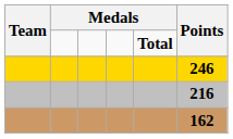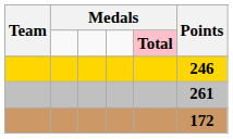 <table class="wikitable" style="text-align:center;">
 <tr>
 <th rowspan=2>Team</th>
 <th colspan=4>Medals</th>
 <th rowspan=2>Points</th>
 </tr>
 <tr>
 <td width=20px></td>
 <td width=20px></td>
 <td width=20px></td>
-<td><strong>Total</strong></td>
+<td style="background: pink;"><strong>Total</strong></td>
 </tr>
 <tr bgcolor=gold>
 <td align=left></td>
 <td></td>
 <td></td>
 <td></td>
 <td></td>
 <td><strong>246</strong></td>
 </tr>
 <tr bgcolor=silver>
 <td align=left></td>
 <td></td>
 <td></td>
 <td></td>
 <td></td>
-<td><strong>216</strong></td>
+<td><strong>261</strong></td>
 </tr>
 <tr bgcolor="CC9966">
 <td align=left></td>
 <td></td>
 <td></td>
 <td></td>
 <td></td>
-<td><strong>162</strong></td>
+<td><strong>172</strong></td>
 </tr>
 </table>
